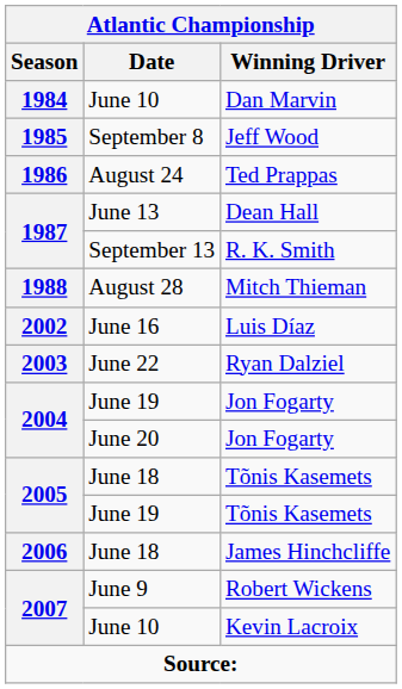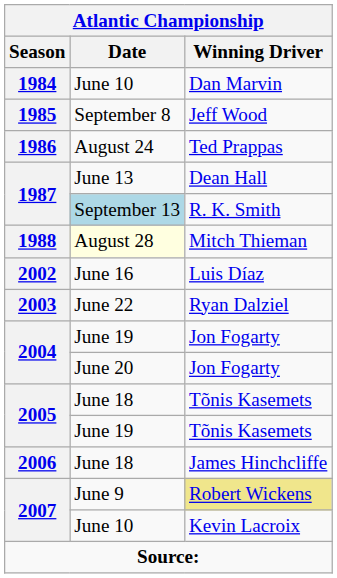 <table class="wikitable" style="font-size: 95%;">
 <tr>
 <th colspan=3><a href='#'>Atlantic Championship</a></th>
 </tr>
 <tr>
 <th>Season</th>
 <th>Date</th>
 <th>Winning Driver</th>
 </tr>
 <tr>
 <th><a href='#'>1984</a></th>
 <td>June 10</td>
 <td> <a href='#'>Dan Marvin</a></td>
 </tr>
 <tr>
 <th><a href='#'>1985</a></th>
 <td>September 8</td>
 <td> <a href='#'>Jeff Wood</a></td>
 </tr>
 <tr>
 <th><a href='#'>1986</a></th>
 <td>August 24</td>
 <td> <a href='#'>Ted Prappas</a></td>
 </tr>
 <tr>
 <th rowspan=2><a href='#'>1987</a></th>
 <td>June 13</td>
 <td> <a href='#'>Dean Hall</a></td>
 </tr>
 <tr>
-<td>September 13</td>
+<td style="background: lightblue;">September 13</td>
 <td> <a href='#'>R. K. Smith</a></td>
 </tr>
 <tr>
 <th><a href='#'>1988</a></th>
-<td>August 28</td>
+<td style="background: lightyellow;">August 28</td>
 <td> <a href='#'>Mitch Thieman</a></td>
 </tr>
 <tr>
 <th><a href='#'>2002</a></th>
 <td>June 16</td>
 <td> <a href='#'>Luis Díaz</a></td>
 </tr>
 <tr>
 <th><a href='#'>2003</a></th>
 <td>June 22</td>
 <td> <a href='#'>Ryan Dalziel</a></td>
 </tr>
 <tr>
 <th rowspan=2><a href='#'>2004</a></th>
 <td>June 19</td>
 <td> <a href='#'>Jon Fogarty</a></td>
 </tr>
 <tr>
 <td>June 20</td>
 <td> <a href='#'>Jon Fogarty</a></td>
 </tr>
 <tr>
 <th rowspan=2><a href='#'>2005</a></th>
 <td>June 18</td>
 <td> <a href='#'>Tõnis Kasemets</a></td>
 </tr>
 <tr>
 <td>June 19</td>
 <td> <a href='#'>Tõnis Kasemets</a></td>
 </tr>
 <tr>
 <th><a href='#'>2006</a></th>
 <td>June 18</td>
 <td> <a href='#'>James Hinchcliffe</a></td>
 </tr>
 <tr>
 <th rowspan=2><a href='#'>2007</a></th>
 <td>June 9</td>
-<td> <a href='#'>Robert Wickens</a></td>
+<td style="background: khaki;"> <a href='#'>Robert Wickens</a></td>
 </tr>
 <tr>
 <td>June 10</td>
 <td> <a href='#'>Kevin Lacroix</a></td>
 </tr>
 <tr>
 <td align=center colspan=3><strong>Source:</strong>  </td>
 </tr>
 </table>
